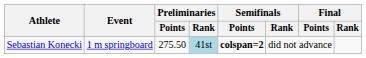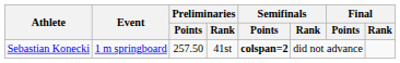 <table class="wikitable" style="font-size:90%">
 <tr>
 <th rowspan="2">Athlete</th>
 <th rowspan="2">Event</th>
 <th colspan="2">Preliminaries</th>
 <th colspan="2">Semifinals</th>
 <th colspan="2">Final</th>
 </tr>
 <tr style="font-size:95%">
 <th>Points</th>
 <th>Rank</th>
 <th>Points</th>
 <th>Rank</th>
 <th>Points</th>
 <th>Rank</th>
 </tr>
 <tr align="center">
 <td align="left"><a href='#'>Sebastian Konecki</a></td>
 <td align="left"><a href='#'>1 m springboard</a></td>
-<td>275.50</td>
-<td style="background: lightblue;">41st</td>
+<td>257.50</td>
+<td>41st</td>
 <td><strong>colspan=2 </strong></td>
 <td colspan=2>did not advance</td>
 </tr>
 </table>
